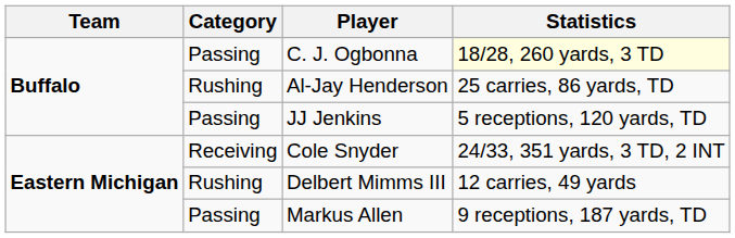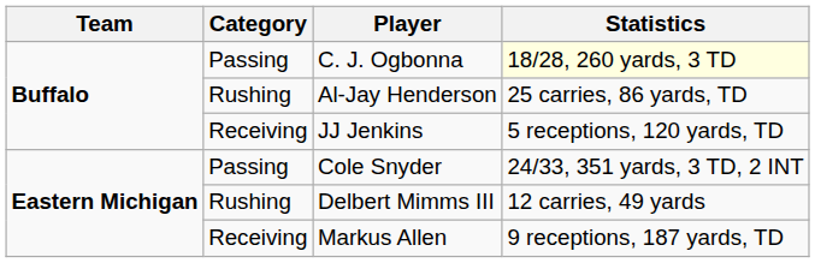 <table class="wikitable" style="float: right;">
 <tr>
 <th>Team</th>
 <th>Category</th>
 <th>Player</th>
 <th>Statistics</th>
 </tr>
 <tr>
 <td rowspan=3><strong>Buffalo</strong></td>
 <td>Passing</td>
 <td>C. J. Ogbonna</td>
 <td style="background: lightyellow;">18/28, 260 yards, 3 TD</td>
 </tr>
 <tr>
 <td>Rushing</td>
 <td>Al-Jay Henderson</td>
 <td>25 carries, 86 yards, TD</td>
 </tr>
 <tr>
-<td>Passing</td>
+<td>Receiving</td>
 <td>JJ Jenkins</td>
 <td>5 receptions, 120 yards, TD</td>
 </tr>
 <tr>
 <td rowspan=3><strong>Eastern Michigan</strong></td>
-<td>Receiving</td>
+<td>Passing</td>
 <td>Cole Snyder</td>
 <td>24/33, 351 yards, 3 TD, 2 INT</td>
 </tr>
 <tr>
 <td>Rushing</td>
 <td>Delbert Mimms III</td>
 <td>12 carries, 49 yards</td>
 </tr>
 <tr>
-<td>Passing</td>
+<td>Receiving</td>
 <td>Markus Allen</td>
 <td>9 receptions, 187 yards, TD</td>
 </tr>
 </table>
